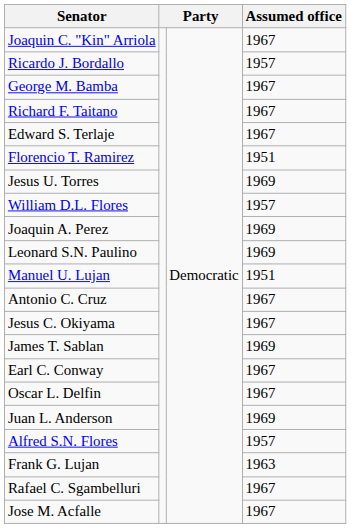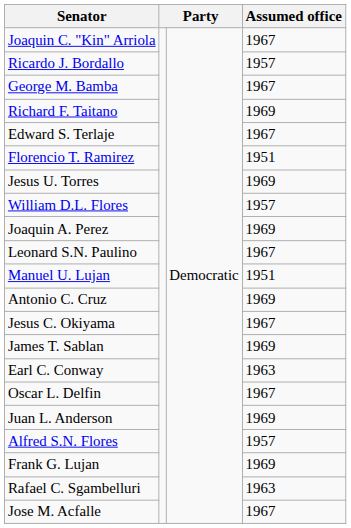 <table class="wikitable sortable" id="votingmembers">
 <tr style="vertical-align:bottom;">
 <th>Senator</th>
 <th colspan=2>Party</th>
 <th>Assumed office</th>
 </tr>
 <tr>
 <td><a href='#'>Joaquin C. "Kin" Arriola</a></td>
 <td rowspan="21" style="background-color:"></td>
 <td rowspan="21">Democratic</td>
 <td>1967</td>
 </tr>
 <tr>
 <td><a href='#'>Ricardo J. Bordallo</a></td>
 <td>1957</td>
 </tr>
 <tr>
 <td><a href='#'>George M. Bamba</a></td>
 <td>1967</td>
 </tr>
 <tr>
 <td><a href='#'>Richard F. Taitano</a></td>
-<td>1967</td>
+<td>1969</td>
 </tr>
 <tr>
 <td>Edward S. Terlaje</td>
 <td>1967</td>
 </tr>
 <tr>
 <td><a href='#'>Florencio T. Ramirez</a></td>
 <td>1951</td>
 </tr>
 <tr>
 <td>Jesus U. Torres</td>
 <td>1969</td>
 </tr>
 <tr>
 <td><a href='#'>William D.L. Flores</a></td>
 <td>1957</td>
 </tr>
 <tr>
 <td>Joaquin A. Perez</td>
 <td>1969</td>
 </tr>
 <tr>
 <td>Leonard S.N. Paulino</td>
-<td>1969</td>
+<td>1967</td>
 </tr>
 <tr>
 <td><a href='#'>Manuel U. Lujan</a></td>
 <td>1951</td>
 </tr>
 <tr>
 <td>Antonio C. Cruz</td>
-<td>1967</td>
+<td>1969</td>
 </tr>
 <tr>
 <td>Jesus C. Okiyama</td>
 <td>1967</td>
 </tr>
 <tr>
 <td>James T. Sablan</td>
 <td>1969</td>
 </tr>
 <tr>
 <td>Earl C. Conway</td>
-<td>1967</td>
+<td>1963</td>
 </tr>
 <tr>
 <td>Oscar L. Delfin</td>
 <td>1967</td>
 </tr>
 <tr>
 <td>Juan L. Anderson</td>
 <td>1969</td>
 </tr>
 <tr>
 <td><a href='#'>Alfred S.N. Flores</a></td>
 <td>1957</td>
 </tr>
 <tr>
 <td>Frank G. Lujan</td>
-<td>1963</td>
+<td>1969</td>
 </tr>
 <tr>
 <td>Rafael C. Sgambelluri</td>
-<td>1967</td>
+<td>1963</td>
 </tr>
 <tr>
 <td>Jose M. Acfalle</td>
 <td>1967</td>
 </tr>
 </table>
